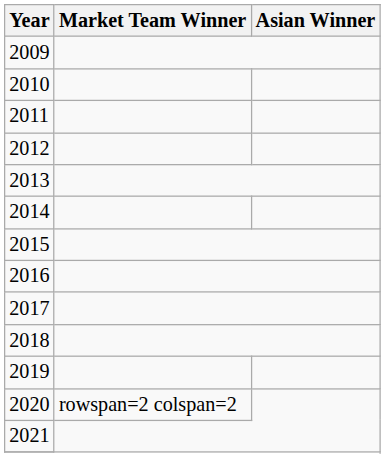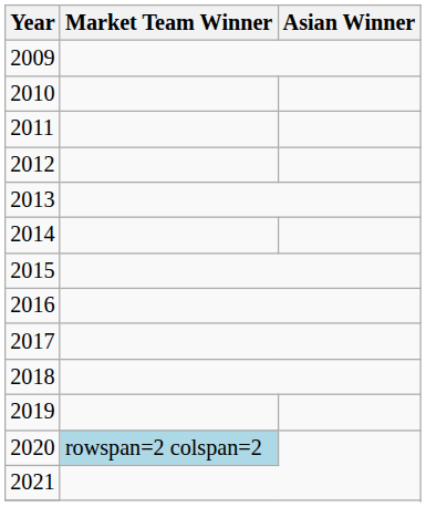 <table class="wikitable">
 <tr>
 <th>Year</th>
 <th>Market Team Winner</th>
 <th>Asian Winner</th>
 </tr>
 <tr>
 <td>2009</td>
 <td colspan="2"></td>
 </tr>
 <tr>
 <td>2010</td>
 <td></td>
 <td></td>
 </tr>
 <tr>
 <td>2011</td>
 <td></td>
 <td></td>
 </tr>
 <tr>
 <td>2012</td>
 <td></td>
 <td></td>
 </tr>
 <tr>
 <td>2013</td>
 <td colspan="2"></td>
 </tr>
 <tr>
 <td>2014</td>
 <td></td>
 <td></td>
 </tr>
 <tr>
 <td>2015</td>
 <td colspan="2"></td>
 </tr>
 <tr>
 <td>2016</td>
 <td colspan="2"></td>
 </tr>
 <tr>
 <td>2017</td>
 <td colspan="2"></td>
 </tr>
 <tr>
 <td>2018</td>
 <td colspan="2"></td>
 </tr>
 <tr>
 <td>2019</td>
 <td></td>
 <td></td>
 </tr>
 <tr>
 <td>2020</td>
-<td>rowspan=2 colspan=2 </td>
+<td style="background: lightblue;">rowspan=2 colspan=2 </td>
 </tr>
 <tr>
 <td>2021</td>
 </tr>
 <tr>
 </tr>
 </table>
